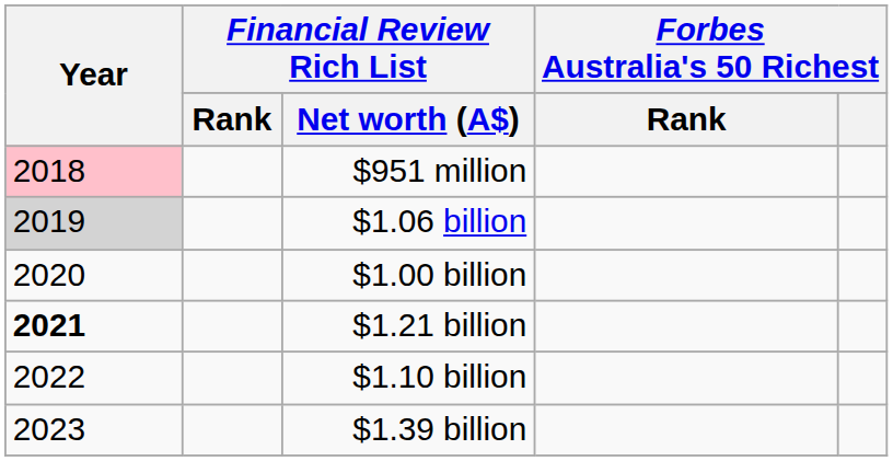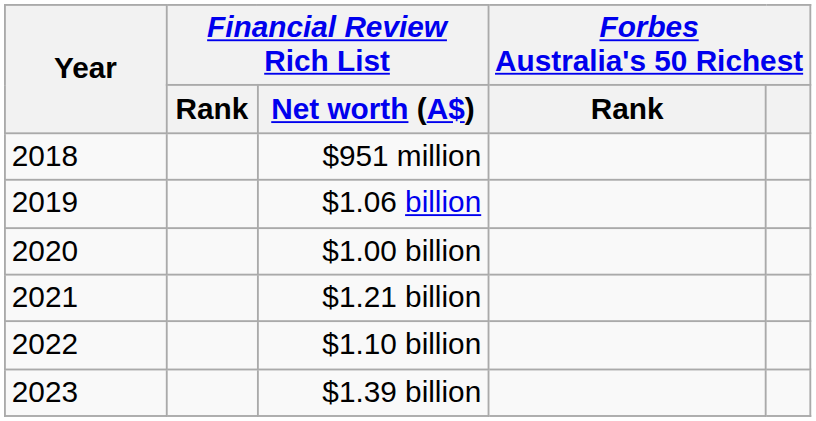 <table class="wikitable">
 <tr>
 <th rowspan=2>Year</th>
 <th colspan=2 width=40%><em><a href='#'>Financial Review</a></em><br><a href='#'>Rich List</a></th>
 <th colspan=2 width=40%><em><a href='#'>Forbes</a></em><br><a href='#'>Australia's 50 Richest</a></th>
 </tr>
 <tr>
 <th>Rank</th>
 <th><a href='#'>Net worth</a> (<a href='#'>A$</a>)</th>
 <th>Rank</th>
 <th></th>
 </tr>
 <tr>
-<td style="background: pink;">2018</td>
+<td>2018</td>
 <td align="center"></td>
 <td align="right">$951 million </td>
 <td align="center"></td>
 <td align="right"></td>
 </tr>
 <tr>
-<td style="background: lightgrey;">2019</td>
+<td>2019</td>
 <td align="center"></td>
 <td align="right">$1.06 <a href='#'>billion</a> </td>
 <td align="center"></td>
 <td align="right"></td>
 </tr>
 <tr>
 <td>2020</td>
 <td align="center"></td>
 <td align="right">$1.00 billion </td>
 <td align="center"></td>
 <td align="right"></td>
 </tr>
 <tr>
-<td><strong>2021</strong></td>
+<td>2021</td>
 <td align="center"></td>
 <td align="right">$1.21 billion </td>
 <td align="center"></td>
 <td align="right"></td>
 </tr>
 <tr>
 <td>2022</td>
 <td align="center"></td>
 <td align="right">$1.10 billion </td>
 <td align="center"></td>
 <td align="right"></td>
 </tr>
 <tr>
 <td>2023</td>
 <td align="center"></td>
 <td align="right">$1.39 billion </td>
 <td align="center"></td>
 <td align="right"></td>
 </tr>
 </table>
